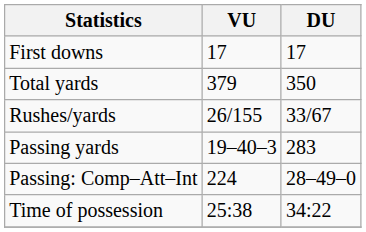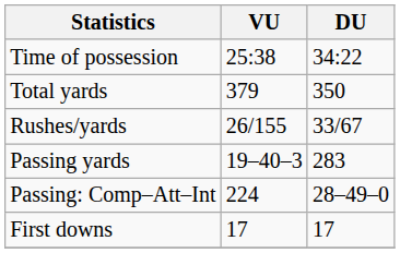 <table class="wikitable" style="float: left;">
 <tr>
 <th>Statistics</th>
 <th>VU</th>
 <th>DU</th>
 </tr>
 <tr>
-<td>First downs</td>
-<td>17</td>
-<td>17</td>
+<td>Time of possession</td>
+<td>25:38</td>
+<td>34:22</td>
 </tr>
 <tr>
 <td>Total yards</td>
 <td>379</td>
 <td>350</td>
 </tr>
 <tr>
 <td>Rushes/yards</td>
 <td>26/155</td>
 <td>33/67</td>
 </tr>
 <tr>
 <td>Passing yards</td>
 <td>19–40–3</td>
 <td>283</td>
 </tr>
 <tr>
 <td>Passing: Comp–Att–Int</td>
 <td>224</td>
 <td>28–49–0</td>
 </tr>
 <tr>
-<td>Time of possession</td>
-<td>25:38</td>
-<td>34:22</td>
+<td>First downs</td>
+<td>17</td>
+<td>17</td>
 </tr>
 <tr>
 </tr>
 </table>
